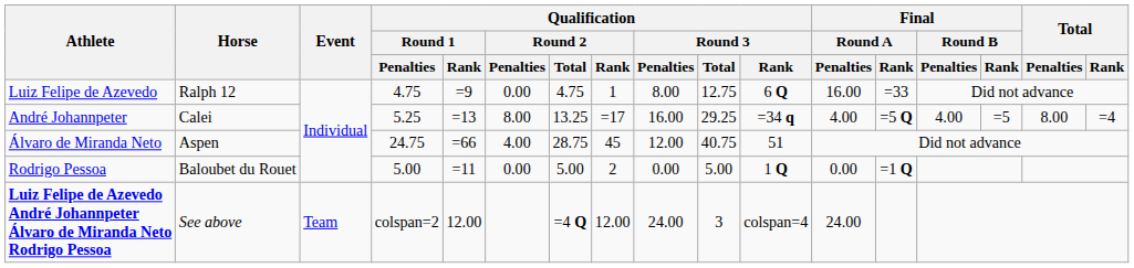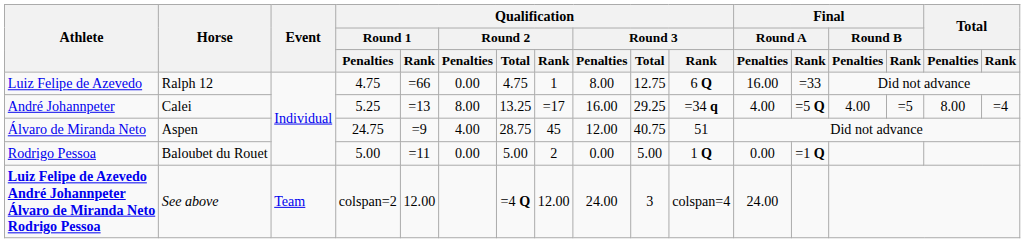 <table class=wikitable style=font-size:90%;text-align:center>
 <tr>
 <th rowspan=3>Athlete</th>
 <th rowspan=3>Horse</th>
 <th rowspan=3>Event</th>
 <th colspan=8>Qualification</th>
 <th colspan=4>Final</th>
 <th rowspan=2 colspan=2>Total</th>
 </tr>
 <tr style=font-size:95%>
 <th colspan=2>Round 1</th>
 <th colspan=3>Round 2</th>
 <th colspan=3>Round 3</th>
 <th colspan=2>Round A</th>
 <th colspan=2>Round B</th>
 </tr>
 <tr style=font-size:95%>
 <th>Penalties</th>
 <th>Rank</th>
 <th>Penalties</th>
 <th>Total</th>
 <th>Rank</th>
 <th>Penalties</th>
 <th>Total</th>
 <th>Rank</th>
 <th>Penalties</th>
 <th>Rank</th>
 <th>Penalties</th>
 <th>Rank</th>
 <th>Penalties</th>
 <th>Rank</th>
 </tr>
 <tr>
 <td align=left><a href='#'>Luiz Felipe de Azevedo</a></td>
 <td align=left>Ralph 12</td>
 <td align=left rowspan=4><a href='#'>Individual</a></td>
 <td>4.75</td>
-<td>=9</td>
+<td>=66</td>
 <td>0.00</td>
 <td>4.75</td>
 <td>1</td>
 <td>8.00</td>
 <td>12.75</td>
 <td>6 <strong>Q</strong></td>
 <td>16.00</td>
 <td>=33</td>
 <td colspan=4>Did not advance</td>
 </tr>
 <tr>
 <td align=left><a href='#'>André Johannpeter</a></td>
 <td align=left>Calei</td>
 <td>5.25</td>
 <td>=13</td>
 <td>8.00</td>
 <td>13.25</td>
 <td>=17</td>
 <td>16.00</td>
 <td>29.25</td>
 <td>=34 <strong>q</strong></td>
 <td>4.00</td>
 <td>=5 <strong>Q</strong></td>
 <td>4.00</td>
 <td>=5</td>
 <td>8.00</td>
 <td>=4</td>
 </tr>
 <tr>
 <td align=left><a href='#'>Álvaro de Miranda Neto</a></td>
 <td align=left>Aspen</td>
 <td>24.75</td>
-<td>=66</td>
+<td>=9</td>
 <td>4.00</td>
 <td>28.75</td>
 <td>45</td>
 <td>12.00</td>
 <td>40.75</td>
 <td>51</td>
 <td colspan=6>Did not advance</td>
 </tr>
 <tr>
 <td align=left><a href='#'>Rodrigo Pessoa</a></td>
 <td align=left>Baloubet du Rouet</td>
 <td>5.00</td>
 <td>=11</td>
 <td>0.00</td>
 <td>5.00</td>
 <td>2</td>
 <td>0.00</td>
 <td>5.00</td>
 <td>1 <strong>Q</strong></td>
 <td>0.00</td>
 <td>=1 <strong>Q</strong></td>
 <td colspan=2></td>
 <td colspan=2></td>
 </tr>
 <tr>
 <td align=left><strong><a href='#'>Luiz Felipe de Azevedo</a><br><a href='#'>André Johannpeter</a><br><a href='#'>Álvaro de Miranda Neto</a><br><a href='#'>Rodrigo Pessoa</a></strong></td>
 <td align=left><em>See above</em></td>
 <td align=left><a href='#'>Team</a></td>
 <td>colspan=2 </td>
 <td>12.00</td>
 <td></td>
 <td>=4 <strong>Q</strong></td>
 <td>12.00</td>
 <td>24.00</td>
 <td>3</td>
 <td>colspan=4 </td>
 <td>24.00</td>
 <td></td>
 </tr>
 </table>
